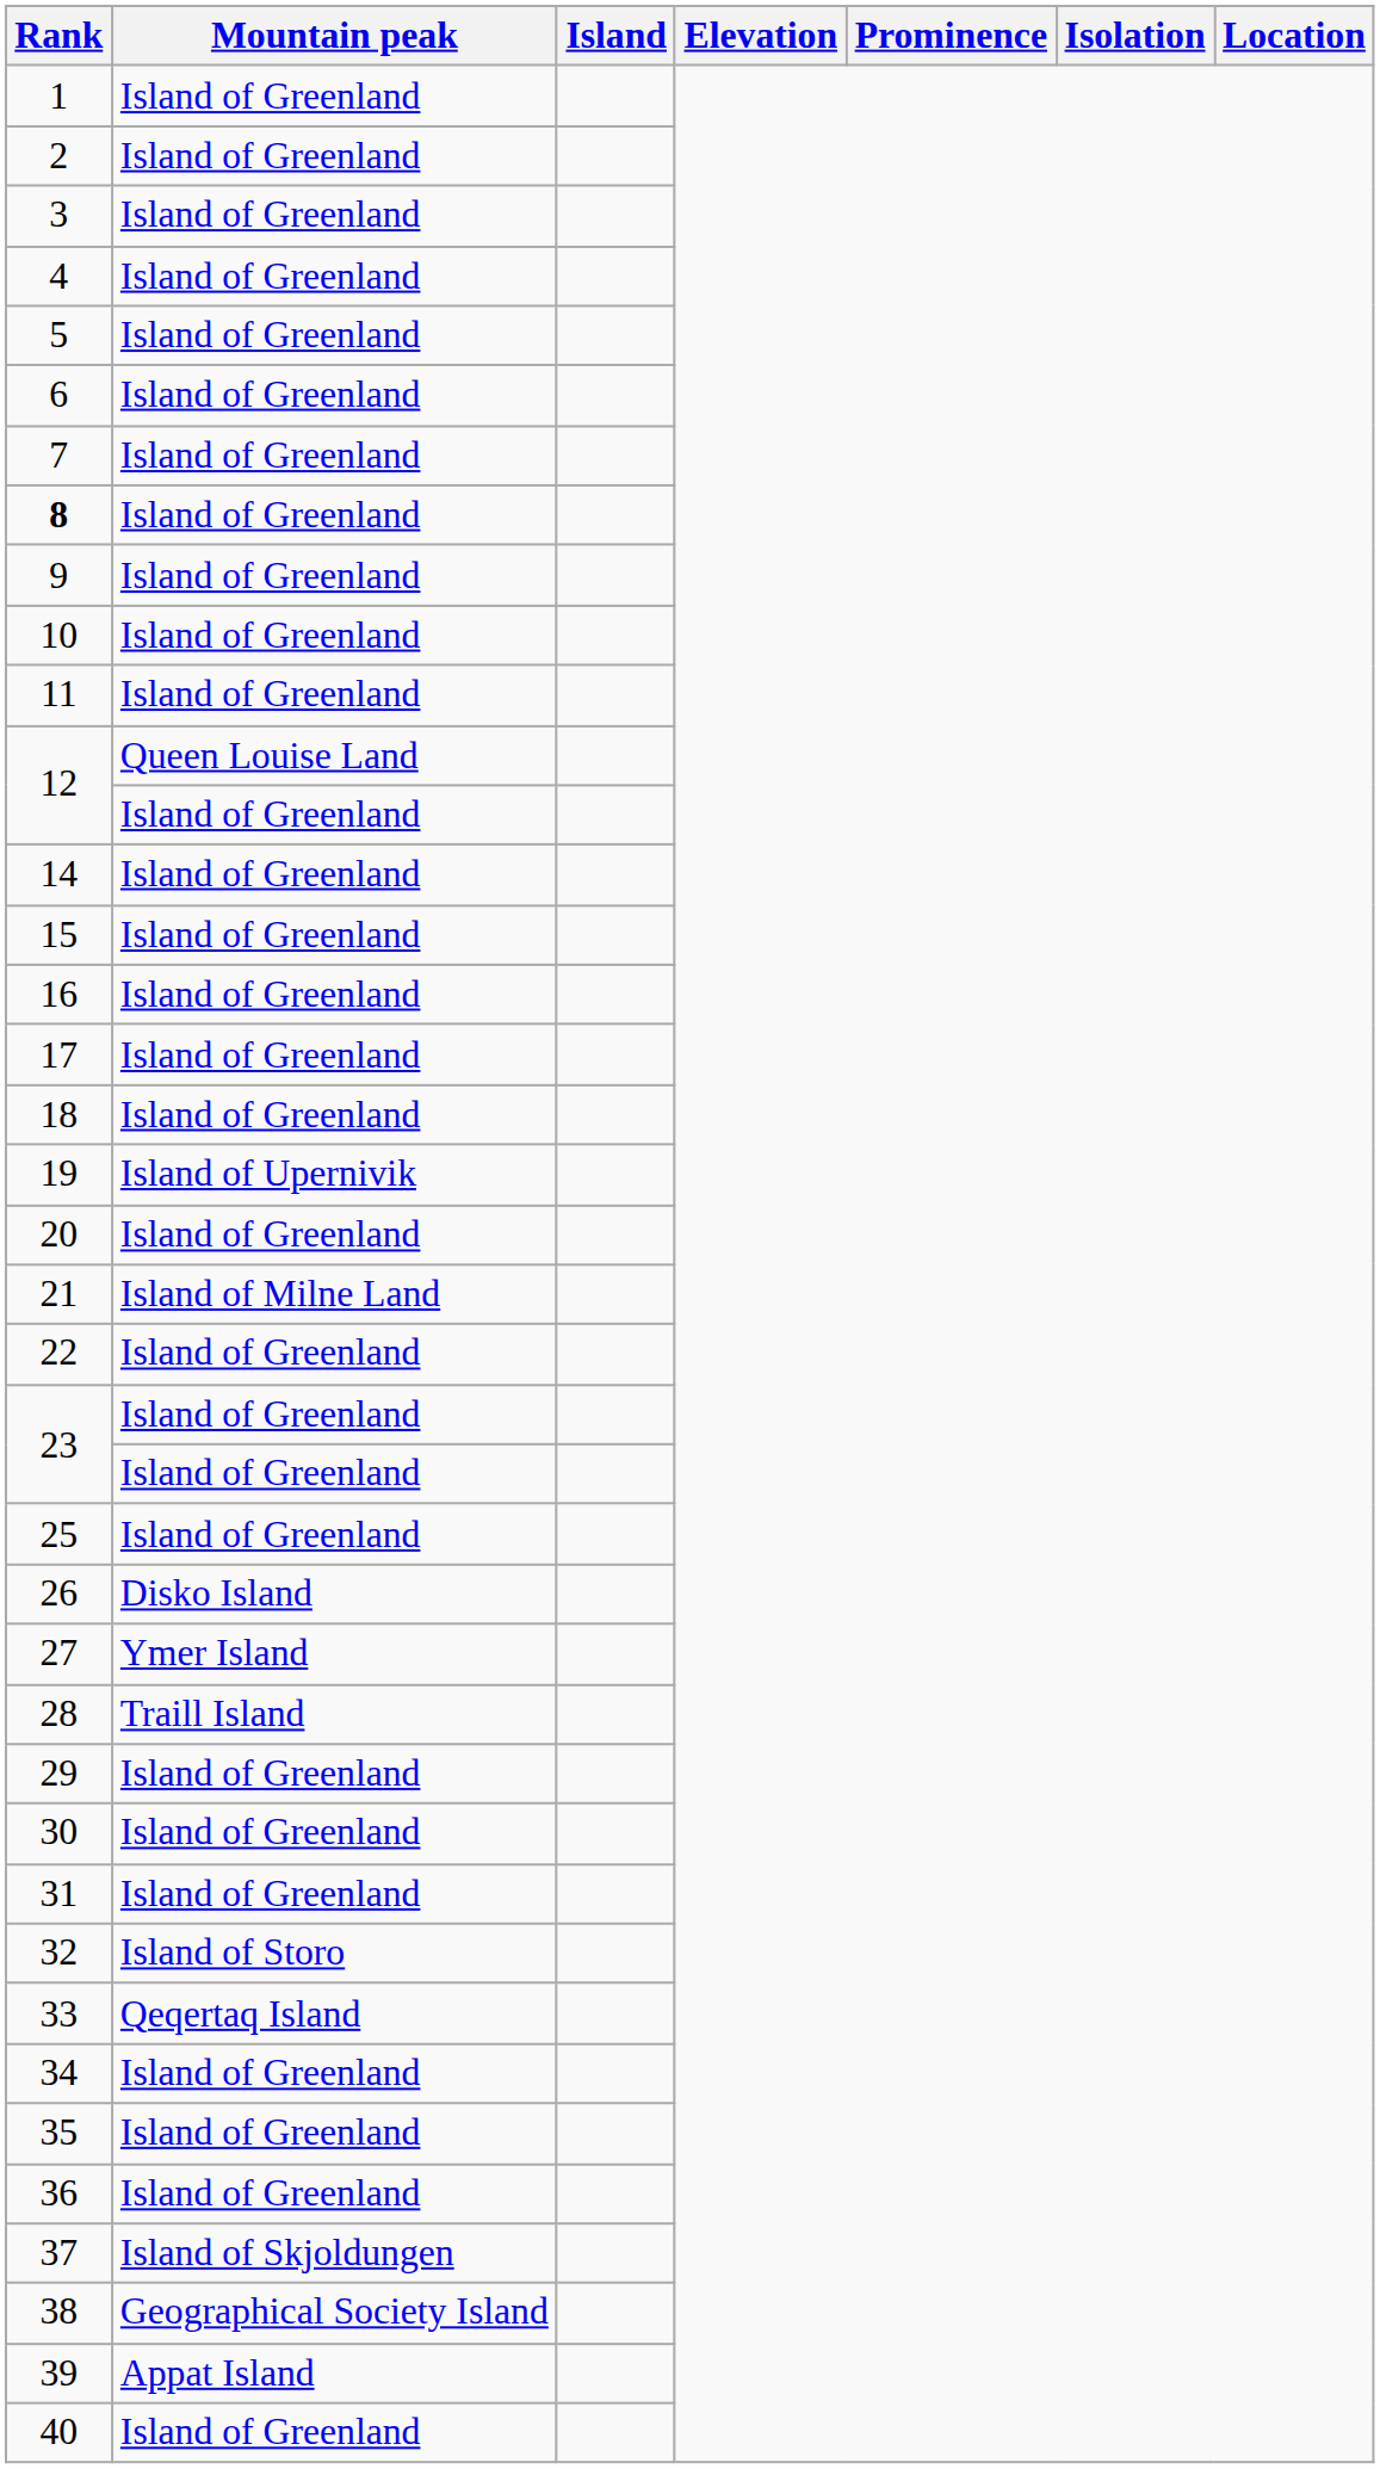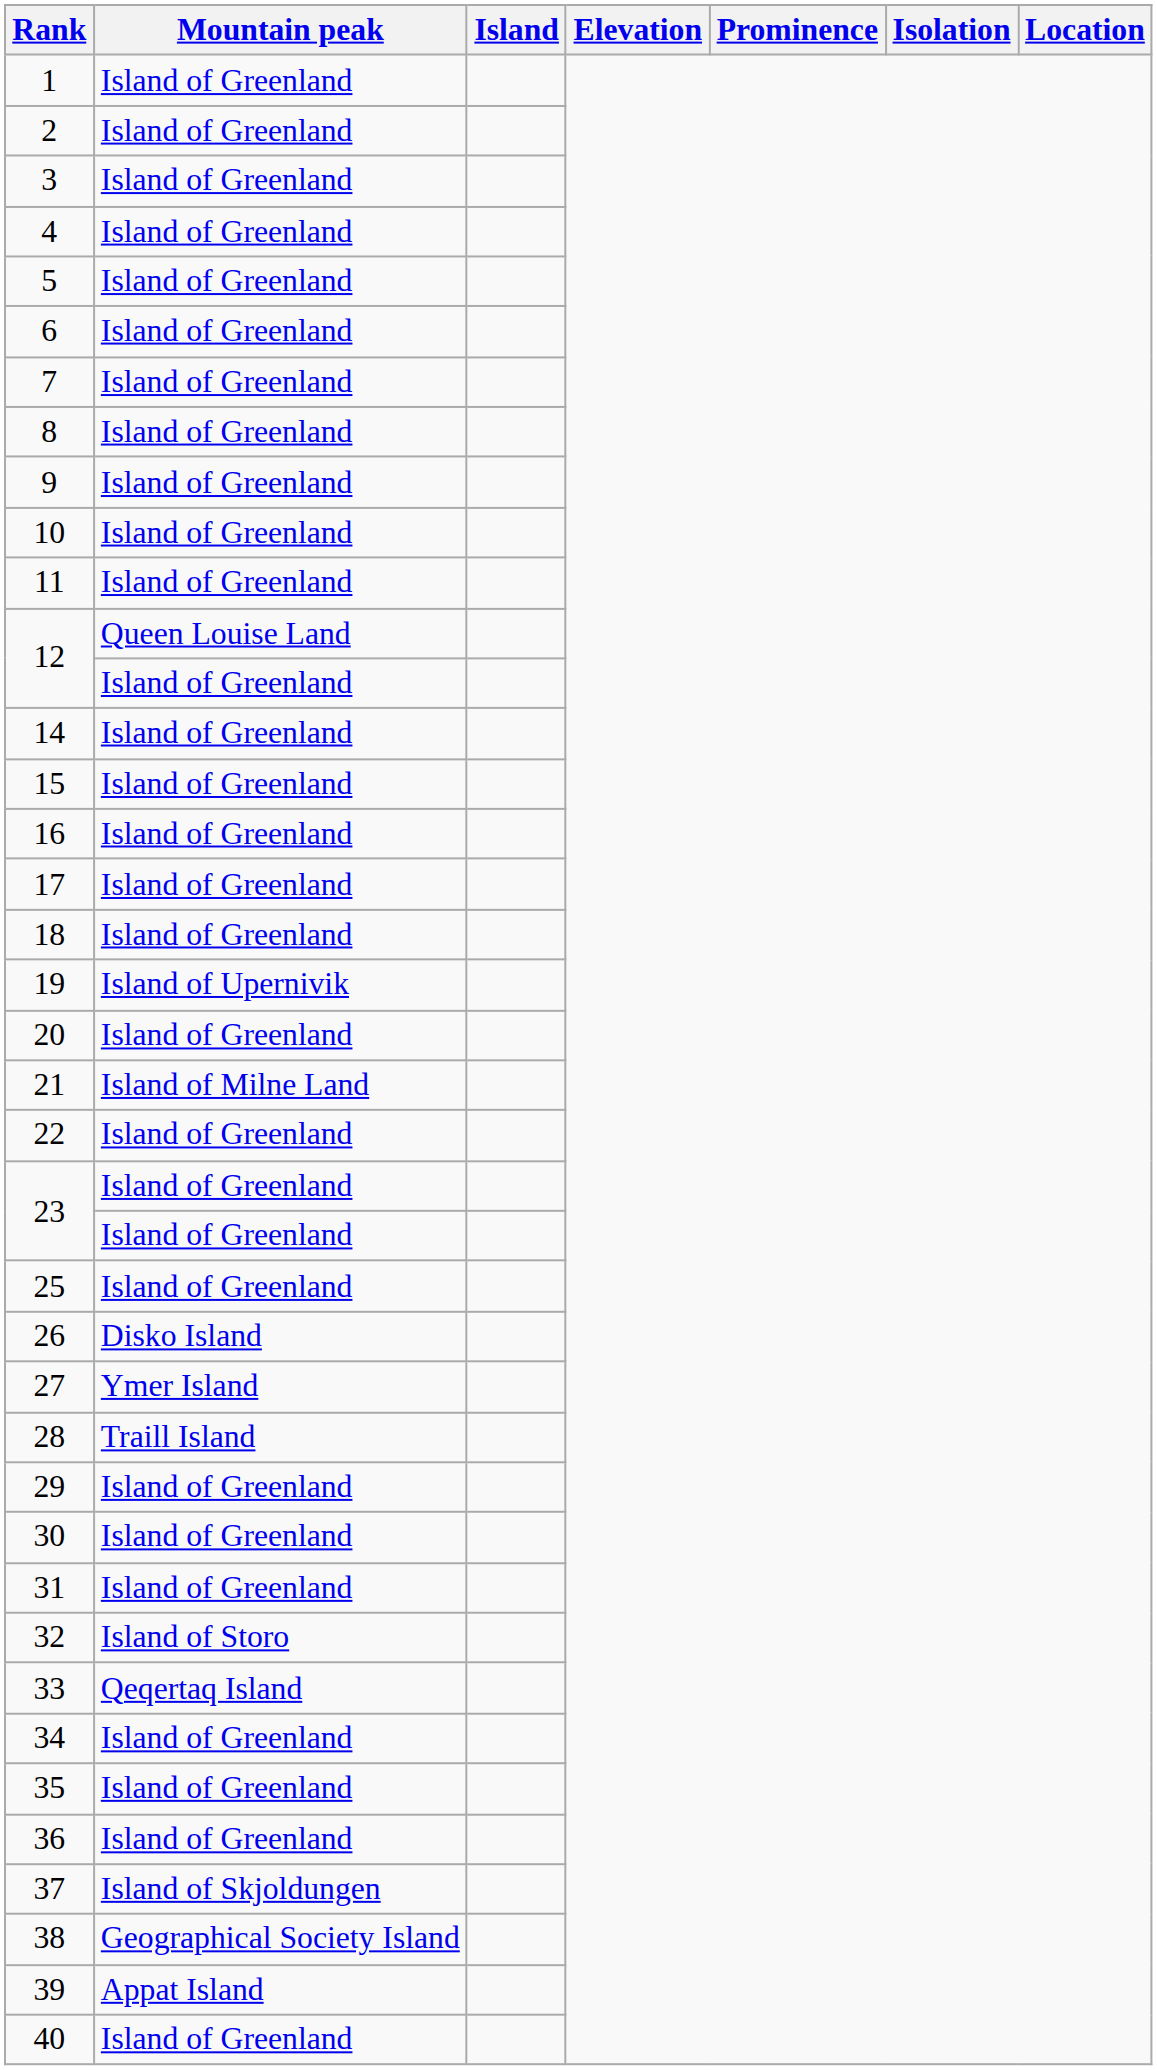 <table class="wikitable sortable">
 <tr>
 <th><a href='#'>Rank</a></th>
 <th><a href='#'>Mountain peak</a></th>
 <th><a href='#'>Island</a></th>
 <th><a href='#'>Elevation</a></th>
 <th><a href='#'>Prominence</a></th>
 <th><a href='#'>Isolation</a></th>
 <th><a href='#'>Location</a></th>
 </tr>
 <tr>
 <td align=center>1<br></td>
 <td><a href='#'>Island of Greenland</a><br></td>
 <td></td>
 </tr>
 <tr>
 <td align=center>2<br></td>
 <td><a href='#'>Island of Greenland</a><br></td>
 <td></td>
 </tr>
 <tr>
 <td align=center>3<br></td>
 <td><a href='#'>Island of Greenland</a><br></td>
 <td></td>
 </tr>
 <tr>
 <td align=center>4<br></td>
 <td><a href='#'>Island of Greenland</a><br></td>
 <td></td>
 </tr>
 <tr>
 <td align=center>5<br></td>
 <td><a href='#'>Island of Greenland</a><br></td>
 <td></td>
 </tr>
 <tr>
 <td align=center>6<br></td>
 <td><a href='#'>Island of Greenland</a><br></td>
 <td></td>
 </tr>
 <tr>
 <td align=center>7<br></td>
 <td><a href='#'>Island of Greenland</a><br></td>
 <td></td>
 </tr>
 <tr>
-<td align=center><strong>8<br></strong></td>
+<td align=center>8<br></td>
 <td><a href='#'>Island of Greenland</a><br></td>
 <td></td>
 </tr>
 <tr>
 <td align=center>9<br></td>
 <td><a href='#'>Island of Greenland</a><br></td>
 <td></td>
 </tr>
 <tr>
 <td align=center>10<br></td>
 <td><a href='#'>Island of Greenland</a><br></td>
 <td></td>
 </tr>
 <tr>
 <td align=center>11<br></td>
 <td><a href='#'>Island of Greenland</a><br></td>
 <td></td>
 </tr>
 <tr>
 <td align=center rowspan=2>12<br></td>
 <td><a href='#'>Queen Louise Land</a><br></td>
 <td></td>
 </tr>
 <tr>
 <td><a href='#'>Island of Greenland</a><br></td>
 <td></td>
 </tr>
 <tr>
 <td align=center>14<br></td>
 <td><a href='#'>Island of Greenland</a><br></td>
 <td></td>
 </tr>
 <tr>
 <td align=center>15<br></td>
 <td><a href='#'>Island of Greenland</a><br></td>
 <td></td>
 </tr>
 <tr>
 <td align=center>16<br></td>
 <td><a href='#'>Island of Greenland</a><br></td>
 <td></td>
 </tr>
 <tr>
 <td align=center>17<br></td>
 <td><a href='#'>Island of Greenland</a><br></td>
 <td></td>
 </tr>
 <tr>
 <td align=center>18<br></td>
 <td><a href='#'>Island of Greenland</a><br></td>
 <td></td>
 </tr>
 <tr>
 <td align=center>19<br></td>
 <td><a href='#'>Island of Upernivik</a><br></td>
 <td></td>
 </tr>
 <tr>
 <td align=center>20<br></td>
 <td><a href='#'>Island of Greenland</a><br></td>
 <td></td>
 </tr>
 <tr>
 <td align=center>21<br></td>
 <td><a href='#'>Island of Milne Land</a><br></td>
 <td></td>
 </tr>
 <tr>
 <td align=center>22<br></td>
 <td><a href='#'>Island of Greenland</a><br></td>
 <td></td>
 </tr>
 <tr>
 <td align=center rowspan=2>23<br></td>
 <td><a href='#'>Island of Greenland</a><br></td>
 <td></td>
 </tr>
 <tr>
 <td><a href='#'>Island of Greenland</a><br></td>
 <td></td>
 </tr>
 <tr>
 <td align=center>25<br></td>
 <td><a href='#'>Island of Greenland</a><br></td>
 <td></td>
 </tr>
 <tr>
 <td align=center>26<br></td>
 <td><a href='#'>Disko Island</a><br></td>
 <td></td>
 </tr>
 <tr>
 <td align=center>27<br></td>
 <td><a href='#'>Ymer Island</a><br></td>
 <td></td>
 </tr>
 <tr>
 <td align=center>28<br></td>
 <td><a href='#'>Traill Island</a><br></td>
 <td></td>
 </tr>
 <tr>
 <td align=center>29<br></td>
 <td><a href='#'>Island of Greenland</a><br></td>
 <td></td>
 </tr>
 <tr>
 <td align=center>30<br></td>
 <td><a href='#'>Island of Greenland</a><br></td>
 <td></td>
 </tr>
 <tr>
 <td align=center>31<br></td>
 <td><a href='#'>Island of Greenland</a><br></td>
 <td></td>
 </tr>
 <tr>
 <td align=center>32<br></td>
 <td><a href='#'>Island of Storo</a><br></td>
 <td></td>
 </tr>
 <tr>
 <td align=center>33<br></td>
 <td><a href='#'>Qeqertaq Island</a><br></td>
 <td></td>
 </tr>
 <tr>
 <td align=center>34<br></td>
 <td><a href='#'>Island of Greenland</a><br></td>
 <td></td>
 </tr>
 <tr>
 <td align=center>35<br></td>
 <td><a href='#'>Island of Greenland</a><br></td>
 <td></td>
 </tr>
 <tr>
 <td align=center>36<br></td>
 <td><a href='#'>Island of Greenland</a><br></td>
 <td></td>
 </tr>
 <tr>
 <td align=center>37<br></td>
 <td><a href='#'>Island of Skjoldungen</a><br></td>
 <td></td>
 </tr>
 <tr>
 <td align=center>38<br></td>
 <td><a href='#'>Geographical Society Island</a><br></td>
 <td></td>
 </tr>
 <tr>
 <td align=center>39<br></td>
 <td><a href='#'>Appat Island</a><br></td>
 <td></td>
 </tr>
 <tr>
 <td align=center>40<br></td>
 <td><a href='#'>Island of Greenland</a><br></td>
 <td></td>
 </tr>
 </table>
